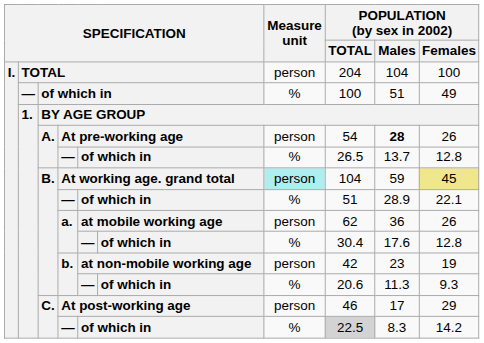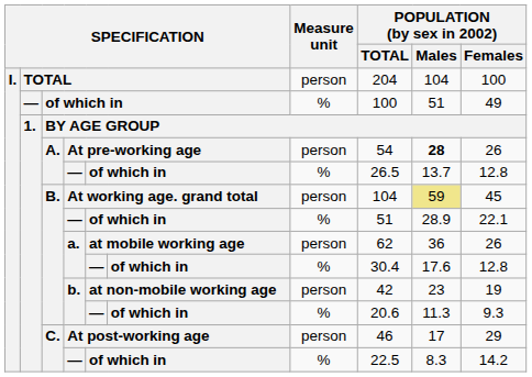 <table class="wikitable" style="font-size:85%; text-align:center">
 <tr>
 <th rowspan="2" colspan="6">SPECIFICATION</th>
 <th rowspan="2">Measure<br> unit</th>
 <th colspan="3" rowspan="1">POPULATION<br> (by sex in 2002)</th>
 </tr>
 <tr>
 <th>TOTAL</th>
 <th>Males</th>
 <th>Females</th>
 </tr>
 <tr>
 <th style="text-align:left" valign="top" rowspan="13">I.</th>
 <th style="text-align:left" colspan="5">TOTAL</th>
 <td>person</td>
 <td>204</td>
 <td>104</td>
 <td>100</td>
 </tr>
 <tr>
 <th style="text-align:left" valign="top">—</th>
 <th style="text-align:left" colspan="4">of which in</th>
 <td>%</td>
 <td>100</td>
 <td>51</td>
 <td>49</td>
 </tr>
 <tr>
 <th style="text-align:left" valign="top" rowspan="11">1.</th>
 <th style="text-align:left" colspan="19">BY AGE GROUP</th>
 </tr>
 <tr>
 <th style="text-align:left" valign="top" rowspan="2">A.</th>
 <th style="text-align:left" colspan="3">At pre-working age</th>
 <td>person</td>
 <td>54</td>
 <td><strong>28</strong></td>
 <td>26</td>
 </tr>
 <tr>
 <th style="text-align:left" valign="top">—</th>
 <th style="text-align:left" valign="top" colspan="2">of which in</th>
 <td>%</td>
 <td>26.5</td>
 <td>13.7</td>
 <td>12.8</td>
 </tr>
 <tr>
 <th style="text-align:left" valign="top" rowspan="6">B.</th>
 <th style="text-align:left" colspan="3">At working age. grand total</th>
-<td style="background: paleturquoise;">person</td>
+<td>person</td>
 <td>104</td>
-<td>59</td>
-<td style="background: khaki;">45</td>
+<td style="background: khaki;">59</td>
+<td>45</td>
 </tr>
 <tr>
 <th style="text-align:left" valign="top">—</th>
 <th style="text-align:left" valign="top" colspan="2">of which in</th>
 <td>%</td>
 <td>51</td>
 <td>28.9</td>
 <td>22.1</td>
 </tr>
 <tr>
 <th style="text-align:left" valign="top" rowspan="2">a.</th>
 <th style="text-align:left" colspan="2">at mobile working age</th>
 <td>person</td>
 <td>62</td>
 <td>36</td>
 <td>26</td>
 </tr>
 <tr>
 <th style="text-align:left" valign="top">—</th>
 <th style="text-align:left" valign="top" colspan="1">of which in                        </th>
 <td>%</td>
 <td>30.4</td>
 <td>17.6</td>
 <td>12.8</td>
 </tr>
 <tr>
 <th style="text-align:left" valign="top" rowspan="2">b.</th>
 <th style="text-align:left" colspan="2">at non-mobile working age</th>
 <td>person</td>
 <td>42</td>
 <td>23</td>
 <td>19</td>
 </tr>
 <tr>
 <th style="text-align:left" valign="top">—</th>
 <th style="text-align:left" valign="top" colspan="1">of which in                        </th>
 <td>%</td>
 <td>20.6</td>
 <td>11.3</td>
 <td>9.3</td>
 </tr>
 <tr>
 <th style="text-align:left" valign="top" rowspan="2">C.</th>
 <th style="text-align:left" colspan="3">At post-working age</th>
 <td>person</td>
 <td>46</td>
 <td>17</td>
 <td>29</td>
 </tr>
 <tr>
 <th style="text-align:left" valign="top">—</th>
 <th style="text-align:left" valign="top" colspan="2">of which in</th>
 <td>%</td>
-<td style="background: lightgrey;">22.5</td>
+<td>22.5</td>
 <td>8.3</td>
 <td>14.2</td>
 </tr>
 </table>
